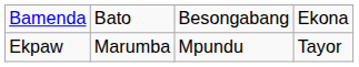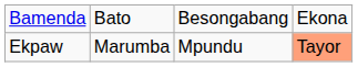 <table class="wikitable">
 <tr>
 <td><a href='#'>Bamenda</a></td>
 <td>Bato</td>
 <td>Besongabang</td>
 <td>Ekona</td>
 </tr>
 <tr>
 <td>Ekpaw</td>
 <td>Marumba</td>
 <td>Mpundu</td>
-<td>Tayor</td>
+<td style="background: lightsalmon;">Tayor</td>
 </tr>
 </table>
